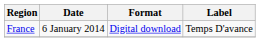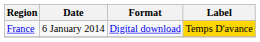 <table class=wikitable>
 <tr>
 <th>Region</th>
 <th>Date</th>
 <th>Format</th>
 <th>Label</th>
 </tr>
 <tr>
 <td><a href='#'>France</a></td>
 <td>6 January 2014</td>
 <td><a href='#'>Digital download</a></td>
-<td>Temps D'avance</td>
+<td style="background: gold;">Temps D'avance</td>
 </tr>
 <tr>
 </tr>
 </table>
